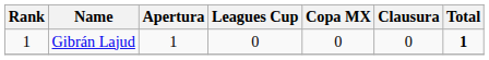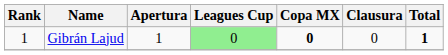 <table class="wikitable" style="text-align: center">
 <tr>
 <th>Rank</th>
 <th>Name</th>
 <th>Apertura</th>
 <th>Leagues Cup</th>
 <th>Copa MX</th>
 <th>Clausura</th>
 <th>Total</th>
 </tr>
 <tr>
 <td>1</td>
 <td align=left> <a href='#'>Gibrán Lajud</a></td>
 <td>1</td>
-<td>0</td>
-<td>0</td>
+<td style="background: lightgreen;">0</td>
+<td><strong>0</strong></td>
 <td>0</td>
 <td><strong>1</strong></td>
 </tr>
 <tr>
 </tr>
 </table>
